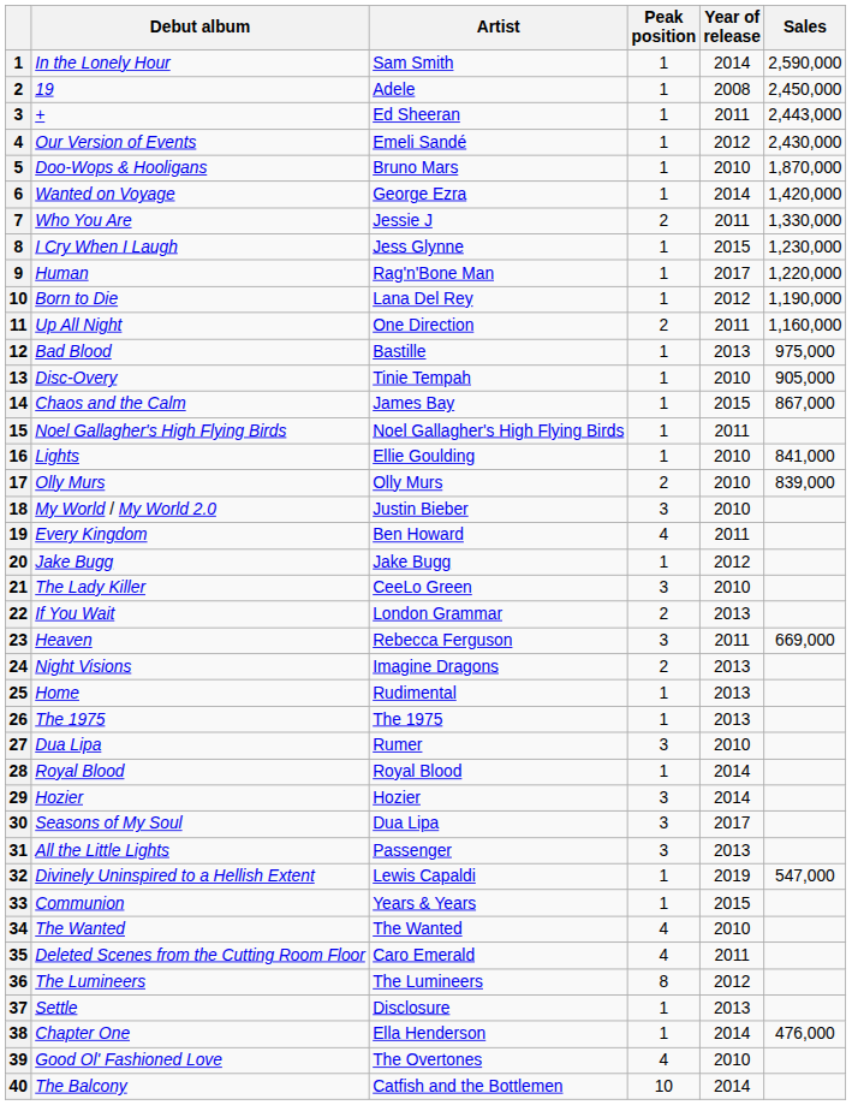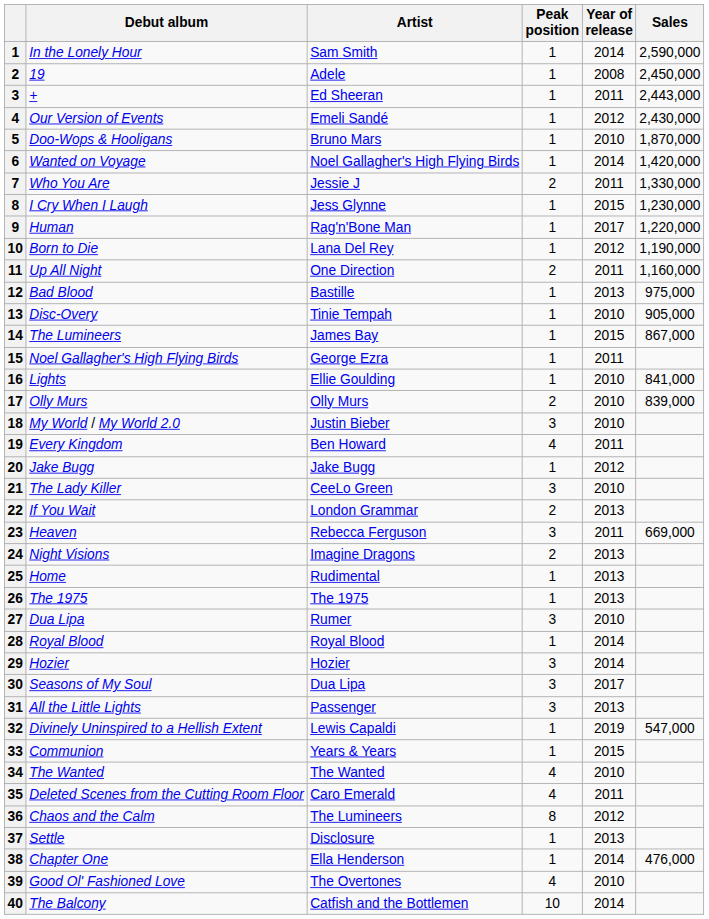 <table class="wikitable sortable plainrowheaders">
 <tr>
 <th scope="col"></th>
 <th scope="col">Debut album</th>
 <th scope="col">Artist</th>
 <th scope="col">Peak<br>position</th>
 <th scope="col">Year of<br>release</th>
 <th scope="col">Sales</th>
 </tr>
 <tr>
 <th scope=row style="text-align:center;">1</th>
 <td><em><a href='#'>In the Lonely Hour</a></em></td>
 <td><a href='#'>Sam Smith</a></td>
 <td style="text-align:center;">1</td>
 <td style="text-align:center;">2014</td>
 <td style="text-align:center;">2,590,000</td>
 </tr>
 <tr>
 <th scope=row style="text-align:center;">2</th>
 <td><em><a href='#'>19</a></em></td>
 <td><a href='#'>Adele</a></td>
 <td style="text-align:center;">1</td>
 <td style="text-align:center;">2008</td>
 <td style="text-align:center;">2,450,000</td>
 </tr>
 <tr>
 <th scope=row style="text-align:center;">3</th>
 <td><em><a href='#'>+</a></em></td>
 <td><a href='#'>Ed Sheeran</a></td>
 <td style="text-align:center;">1</td>
 <td style="text-align:center;">2011</td>
 <td style="text-align:center;">2,443,000</td>
 </tr>
 <tr>
 <th scope=row style="text-align:center;">4</th>
 <td><em><a href='#'>Our Version of Events</a></em></td>
 <td><a href='#'>Emeli Sandé</a></td>
 <td style="text-align:center;">1</td>
 <td style="text-align:center;">2012</td>
 <td style="text-align:center;">2,430,000</td>
 </tr>
 <tr>
 <th scope=row style="text-align:center;">5</th>
 <td><em><a href='#'>Doo-Wops & Hooligans</a></em></td>
 <td><a href='#'>Bruno Mars</a></td>
 <td style="text-align:center;">1</td>
 <td style="text-align:center;">2010</td>
 <td style="text-align:center;">1,870,000</td>
 </tr>
 <tr>
 <th scope=row style="text-align:center;">6</th>
 <td><em><a href='#'>Wanted on Voyage</a></em></td>
-<td><a href='#'>George Ezra</a></td>
+<td><a href='#'>Noel Gallagher's High Flying Birds</a></td>
 <td style="text-align:center;">1</td>
 <td style="text-align:center;">2014</td>
 <td style="text-align:center;">1,420,000</td>
 </tr>
 <tr>
 <th scope=row style="text-align:center;">7</th>
 <td><em><a href='#'>Who You Are</a></em></td>
 <td><a href='#'>Jessie J</a></td>
 <td style="text-align:center;">2</td>
 <td style="text-align:center;">2011</td>
 <td style="text-align:center;">1,330,000</td>
 </tr>
 <tr>
 <th scope=row style="text-align:center;">8</th>
 <td><em><a href='#'>I Cry When I Laugh</a></em></td>
 <td><a href='#'>Jess Glynne</a></td>
 <td style="text-align:center;">1</td>
 <td style="text-align:center;">2015</td>
 <td style="text-align:center;">1,230,000</td>
 </tr>
 <tr>
 <th scope=row style="text-align:center;">9</th>
 <td><em><a href='#'>Human</a></em></td>
 <td><a href='#'>Rag'n'Bone Man</a></td>
 <td style="text-align:center;">1</td>
 <td style="text-align:center;">2017</td>
 <td style="text-align:center;">1,220,000</td>
 </tr>
 <tr>
 <th scope=row style="text-align:center;">10</th>
 <td><em><a href='#'>Born to Die</a></em></td>
 <td><a href='#'>Lana Del Rey</a></td>
 <td style="text-align:center;">1</td>
 <td style="text-align:center;">2012</td>
 <td style="text-align:center;">1,190,000</td>
 </tr>
 <tr>
 <th scope=row style="text-align:center;">11</th>
 <td><em><a href='#'>Up All Night</a></em></td>
 <td><a href='#'>One Direction</a></td>
 <td style="text-align:center;">2</td>
 <td style="text-align:center;">2011</td>
 <td style="text-align:center;">1,160,000</td>
 </tr>
 <tr>
 <th scope=row style="text-align:center;">12</th>
 <td><em><a href='#'>Bad Blood</a></em></td>
 <td><a href='#'>Bastille</a></td>
 <td style="text-align:center;">1</td>
 <td style="text-align:center;">2013</td>
 <td style="text-align:center;">975,000</td>
 </tr>
 <tr>
 <th scope=row style="text-align:center;">13</th>
 <td><em><a href='#'>Disc-Overy</a></em></td>
 <td><a href='#'>Tinie Tempah</a></td>
 <td style="text-align:center;">1</td>
 <td style="text-align:center;">2010</td>
 <td style="text-align:center;">905,000</td>
 </tr>
 <tr>
 <th scope=row style="text-align:center;">14</th>
-<td><em><a href='#'>Chaos and the Calm</a></em></td>
+<td><em><a href='#'>The Lumineers</a></em></td>
 <td><a href='#'>James Bay</a></td>
 <td style="text-align:center;">1</td>
 <td style="text-align:center;">2015</td>
 <td style="text-align:center;">867,000</td>
 </tr>
 <tr>
 <th scope=row style="text-align:center;">15</th>
 <td><em><a href='#'>Noel Gallagher's High Flying Birds</a></em></td>
-<td><a href='#'>Noel Gallagher's High Flying Birds</a></td>
+<td><a href='#'>George Ezra</a></td>
 <td style="text-align:center;">1</td>
 <td style="text-align:center;">2011</td>
 <td style="text-align:center;"></td>
 </tr>
 <tr>
 <th scope=row style="text-align:center;">16</th>
 <td><em><a href='#'>Lights</a></em></td>
 <td><a href='#'>Ellie Goulding</a></td>
 <td style="text-align:center;">1</td>
 <td style="text-align:center;">2010</td>
 <td style="text-align:center;">841,000</td>
 </tr>
 <tr>
 <th scope=row style="text-align:center;">17</th>
 <td><em><a href='#'>Olly Murs</a></em></td>
 <td><a href='#'>Olly Murs</a></td>
 <td style="text-align:center;">2</td>
 <td style="text-align:center;">2010</td>
 <td style="text-align:center;">839,000</td>
 </tr>
 <tr>
 <th scope=row style="text-align:center;">18</th>
 <td><em><a href='#'>My World</a></em> / <em><a href='#'>My World 2.0</a></em></td>
 <td><a href='#'>Justin Bieber</a></td>
 <td style="text-align:center;">3</td>
 <td style="text-align:center;">2010</td>
 <td style="text-align:center;"></td>
 </tr>
 <tr>
 <th scope=row style="text-align:center;">19</th>
 <td><em><a href='#'>Every Kingdom</a></em></td>
 <td><a href='#'>Ben Howard</a></td>
 <td style="text-align:center;">4</td>
 <td style="text-align:center;">2011</td>
 <td style="text-align:center;"></td>
 </tr>
 <tr>
 <th scope=row style="text-align:center;">20</th>
 <td><em><a href='#'>Jake Bugg</a></em></td>
 <td><a href='#'>Jake Bugg</a></td>
 <td style="text-align:center;">1</td>
 <td style="text-align:center;">2012</td>
 <td style="text-align:center;"></td>
 </tr>
 <tr>
 <th scope=row style="text-align:center;">21</th>
 <td><em><a href='#'>The Lady Killer</a></em></td>
 <td><a href='#'>CeeLo Green</a></td>
 <td style="text-align:center;">3</td>
 <td style="text-align:center;">2010</td>
 <td style="text-align:center;"></td>
 </tr>
 <tr>
 <th scope=row style="text-align:center;">22</th>
 <td><em><a href='#'>If You Wait</a></em></td>
 <td><a href='#'>London Grammar</a></td>
 <td style="text-align:center;">2</td>
 <td style="text-align:center;">2013</td>
 <td style="text-align:center;"></td>
 </tr>
 <tr>
 <th scope=row style="text-align:center;">23</th>
 <td><em><a href='#'>Heaven</a></em></td>
 <td><a href='#'>Rebecca Ferguson</a></td>
 <td style="text-align:center;">3</td>
 <td style="text-align:center;">2011</td>
 <td style="text-align:center;">669,000</td>
 </tr>
 <tr>
 <th scope=row style="text-align:center;">24</th>
 <td><em><a href='#'>Night Visions</a></em></td>
 <td><a href='#'>Imagine Dragons</a></td>
 <td style="text-align:center;">2</td>
 <td style="text-align:center;">2013</td>
 <td style="text-align:center;"></td>
 </tr>
 <tr>
 <th scope=row style="text-align:center;">25</th>
 <td><em><a href='#'>Home</a></em></td>
 <td><a href='#'>Rudimental</a></td>
 <td style="text-align:center;">1</td>
 <td style="text-align:center;">2013</td>
 <td style="text-align:center;"></td>
 </tr>
 <tr>
 <th scope=row style="text-align:center;">26</th>
 <td><em><a href='#'>The 1975</a></em></td>
 <td><a href='#'>The 1975</a></td>
 <td style="text-align:center;">1</td>
 <td style="text-align:center;">2013</td>
 <td style="text-align:center;"></td>
 </tr>
 <tr>
 <th scope=row style="text-align:center;">27</th>
 <td><em><a href='#'>Dua Lipa</a></em></td>
 <td><a href='#'>Rumer</a></td>
 <td style="text-align:center;">3</td>
 <td style="text-align:center;">2010</td>
 <td style="text-align:center;"></td>
 </tr>
 <tr>
 <th scope=row style="text-align:center;">28</th>
 <td><em><a href='#'>Royal Blood</a></em></td>
 <td><a href='#'>Royal Blood</a></td>
 <td style="text-align:center;">1</td>
 <td style="text-align:center;">2014</td>
 <td style="text-align:center;"></td>
 </tr>
 <tr>
 <th scope=row style="text-align:center;">29</th>
 <td><em><a href='#'>Hozier</a></em></td>
 <td><a href='#'>Hozier</a></td>
 <td style="text-align:center;">3</td>
 <td style="text-align:center;">2014</td>
 <td style="text-align:center;"></td>
 </tr>
 <tr>
 <th scope=row style="text-align:center;">30</th>
 <td><em><a href='#'>Seasons of My Soul</a></em></td>
 <td><a href='#'>Dua Lipa</a></td>
 <td style="text-align:center;">3</td>
 <td style="text-align:center;">2017</td>
 <td style="text-align:center;"></td>
 </tr>
 <tr>
 <th scope=row style="text-align:center;">31</th>
 <td><em><a href='#'>All the Little Lights</a></em></td>
 <td><a href='#'>Passenger</a></td>
 <td style="text-align:center;">3</td>
 <td style="text-align:center;">2013</td>
 <td style="text-align:center;"></td>
 </tr>
 <tr>
 <th scope=row style="text-align:center;">32</th>
 <td><em><a href='#'>Divinely Uninspired to a Hellish Extent</a></em></td>
 <td><a href='#'>Lewis Capaldi</a></td>
 <td style="text-align:center;">1</td>
 <td style="text-align:center;">2019</td>
 <td style="text-align:center;">547,000</td>
 </tr>
 <tr>
 <th scope=row style="text-align:center;">33</th>
 <td><em><a href='#'>Communion</a></em></td>
 <td><a href='#'>Years & Years</a></td>
 <td style="text-align:center;">1</td>
 <td style="text-align:center;">2015</td>
 <td style="text-align:center;"></td>
 </tr>
 <tr>
 <th scope=row style="text-align:center;">34</th>
 <td><em><a href='#'>The Wanted</a></em></td>
 <td><a href='#'>The Wanted</a></td>
 <td style="text-align:center;">4</td>
 <td style="text-align:center;">2010</td>
 <td style="text-align:center;"></td>
 </tr>
 <tr>
 <th scope=row style="text-align:center;">35</th>
 <td><em><a href='#'>Deleted Scenes from the Cutting Room Floor</a></em></td>
 <td><a href='#'>Caro Emerald</a></td>
 <td style="text-align:center;">4</td>
 <td style="text-align:center;">2011</td>
 <td style="text-align:center;"></td>
 </tr>
 <tr>
 <th scope=row style="text-align:center;">36</th>
-<td><em><a href='#'>The Lumineers</a></em></td>
+<td><em><a href='#'>Chaos and the Calm</a></em></td>
 <td><a href='#'>The Lumineers</a></td>
 <td style="text-align:center;">8</td>
 <td style="text-align:center;">2012</td>
 <td style="text-align:center;"></td>
 </tr>
 <tr>
 <th scope=row style="text-align:center;">37</th>
 <td><em><a href='#'>Settle</a></em></td>
 <td><a href='#'>Disclosure</a></td>
 <td style="text-align:center;">1</td>
 <td style="text-align:center;">2013</td>
 <td style="text-align:center;"></td>
 </tr>
 <tr>
 <th scope=row style="text-align:center;">38</th>
 <td><em><a href='#'>Chapter One</a></em></td>
 <td><a href='#'>Ella Henderson</a></td>
 <td style="text-align:center;">1</td>
 <td style="text-align:center;">2014</td>
 <td style="text-align:center;">476,000</td>
 </tr>
 <tr>
 <th scope=row style="text-align:center;">39</th>
 <td><em><a href='#'>Good Ol' Fashioned Love</a></em></td>
 <td><a href='#'>The Overtones</a></td>
 <td style="text-align:center;">4</td>
 <td style="text-align:center;">2010</td>
 <td style="text-align:center;"></td>
 </tr>
 <tr>
 <th scope=row style="text-align:center;">40</th>
 <td><em><a href='#'>The Balcony</a></em></td>
 <td><a href='#'>Catfish and the Bottlemen</a></td>
 <td style="text-align:center;">10</td>
 <td style="text-align:center;">2014</td>
 <td style="text-align:center;"></td>
 </tr>
 </table>
